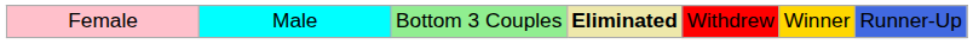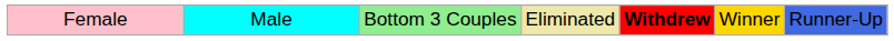 <table class="wikitable" style="margin:1em auto; text-align:center;">
 <tr>
 </tr>
 <tr>
 <td style="background:pink;" width="20%">Female</td>
 <td style="background:cyan;" width="20%">Male</td>
 <td style="background:lightgreen;">Bottom 3 Couples</td>
-<td style="background:palegoldenrod;"><strong>Eliminated</strong></td>
-<td style="background:red;">Withdrew</td>
+<td style="background:palegoldenrod;">Eliminated</td>
+<td style="background:red;"><strong>Withdrew</strong></td>
 <td style="background:gold;">Winner</td>
 <td style="background:royalblue;">Runner-Up</td>
 </tr>
 </table>
